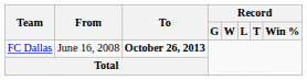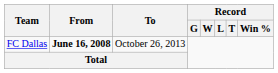 <table class="wikitable" style="text-align: center">
 <tr>
 <th rowspan="2">Team</th>
 <th rowspan="2">From</th>
 <th rowspan="2">To</th>
 <th colspan="5">Record</th>
 </tr>
 <tr>
 <th>G</th>
 <th>W</th>
 <th>L</th>
 <th>T</th>
 <th>Win %</th>
 </tr>
 <tr>
 <td align=left><a href='#'>FC Dallas</a></td>
-<td align=left>June 16, 2008</td>
-<td align=left><strong>October 26, 2013<br></strong></td>
+<td align=left><strong>June 16, 2008</strong></td>
+<td align=left>October 26, 2013<br></td>
 </tr>
 <tr>
 <th colspan="3">Total<br></th>
 </tr>
 </table>
